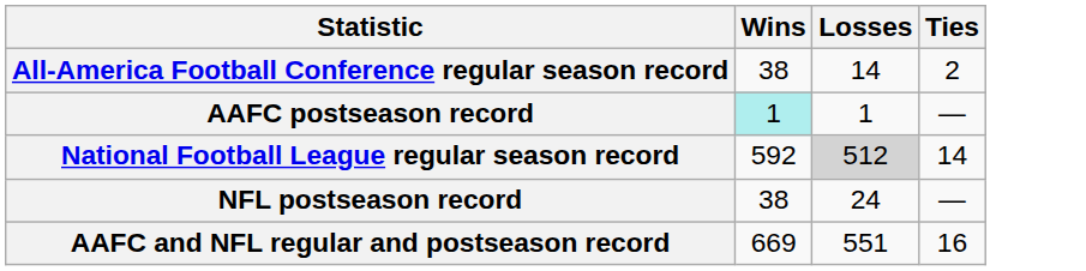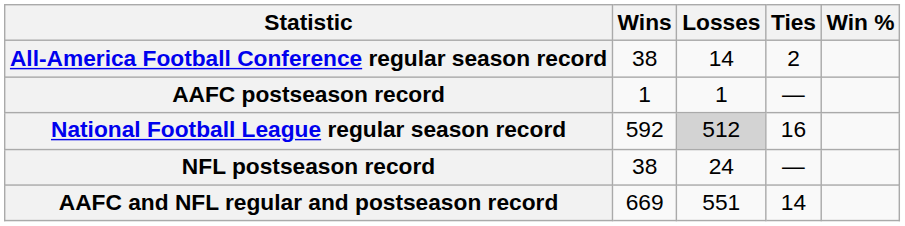 <table class="wikitable plainrowheaders" style="text-align:center;">
 <tr>
 <th scope="col">Statistic</th>
 <th scope="col">Wins</th>
 <th scope="col">Losses</th>
 <th>Ties</th>
+<th scope="col">Win %</th>
 </tr>
 <tr>
 <th scope="row"><a href='#'>All-America Football Conference</a> regular season record</th>
 <td>38</td>
 <td>14</td>
 <td>2</td>
+<td></td>
 </tr>
 <tr>
 <th scope="row">AAFC postseason record</th>
-<td style="background: paleturquoise;">1</td>
+<td>1</td>
 <td>1</td>
 <td>—</td>
+<td></td>
 </tr>
 <tr>
 <th scope="row"><a href='#'>National Football League</a> regular season record</th>
 <td>592</td>
 <td style="background: lightgrey;">512</td>
-<td>14</td>
+<td>16</td>
+<td></td>
 </tr>
 <tr>
 <th scope="row">NFL postseason record</th>
 <td>38</td>
 <td>24</td>
 <td>—</td>
+<td></td>
 </tr>
 <tr>
 <th scope="row">AAFC and NFL regular and postseason record</th>
 <td>669</td>
 <td>551</td>
-<td>16</td>
+<td>14</td>
+<td></td>
 </tr>
 </table>
